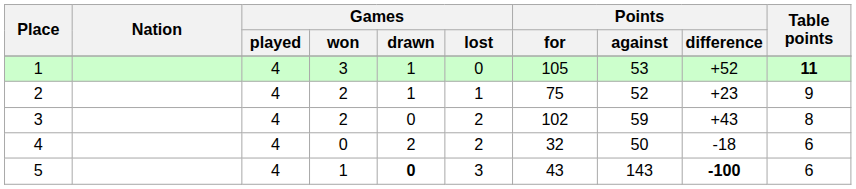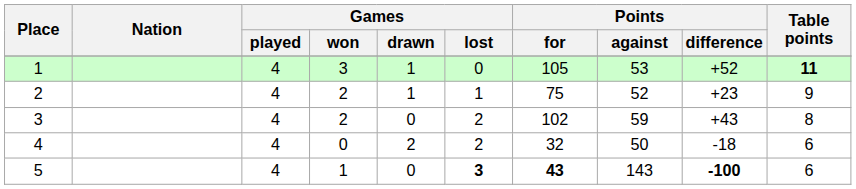 <table class="wikitable">
 <tr>
 <th rowspan=2 width="8%">Place</th>
 <th rowspan=2 width="20%">Nation</th>
 <th colspan=4 width="32%">Games</th>
 <th colspan=3 width="30%">Points</th>
 <th rowspan=2 width="10%">Table<br>points</th>
 </tr>
 <tr>
 <th width="8%">played</th>
 <th width="8%">won</th>
 <th width="8%">drawn</th>
 <th width="8%">lost</th>
 <th width="10%">for</th>
 <th width="10%">against</th>
 <th width="10%">difference</th>
 </tr>
 <tr>
 </tr>
 <tr bgcolor=#ccffcc align=center>
 <td>1</td>
 <td align=left><strong></strong></td>
 <td>4</td>
 <td>3</td>
 <td>1</td>
 <td>0</td>
 <td>105</td>
 <td>53</td>
 <td>+52</td>
 <td><strong>11</strong></td>
 </tr>
 <tr bgcolor=#ffffff align=center>
 <td>2</td>
 <td align=left></td>
 <td>4</td>
 <td>2</td>
 <td>1</td>
 <td>1</td>
 <td>75</td>
 <td>52</td>
 <td>+23</td>
 <td>9</td>
 </tr>
 <tr bgcolor=#ffffff align=center>
 <td>3</td>
 <td align=left></td>
 <td>4</td>
 <td>2</td>
 <td>0</td>
 <td>2</td>
 <td>102</td>
 <td>59</td>
 <td>+43</td>
 <td>8</td>
 </tr>
 <tr bgcolor=#ffffff align=center>
 <td>4</td>
 <td align=left></td>
 <td>4</td>
 <td>0</td>
 <td>2</td>
 <td>2</td>
 <td>32</td>
 <td>50</td>
 <td>-18</td>
 <td>6</td>
 </tr>
 <tr bgcolor=#ffffff align=center>
 <td>5</td>
 <td align=left></td>
 <td>4</td>
 <td>1</td>
-<td><strong>0</strong></td>
-<td>3</td>
-<td>43</td>
+<td>0</td>
+<td><strong>3</strong></td>
+<td><strong>43</strong></td>
 <td>143</td>
 <td><strong>-100</strong></td>
 <td>6</td>
 </tr>
 </table>
